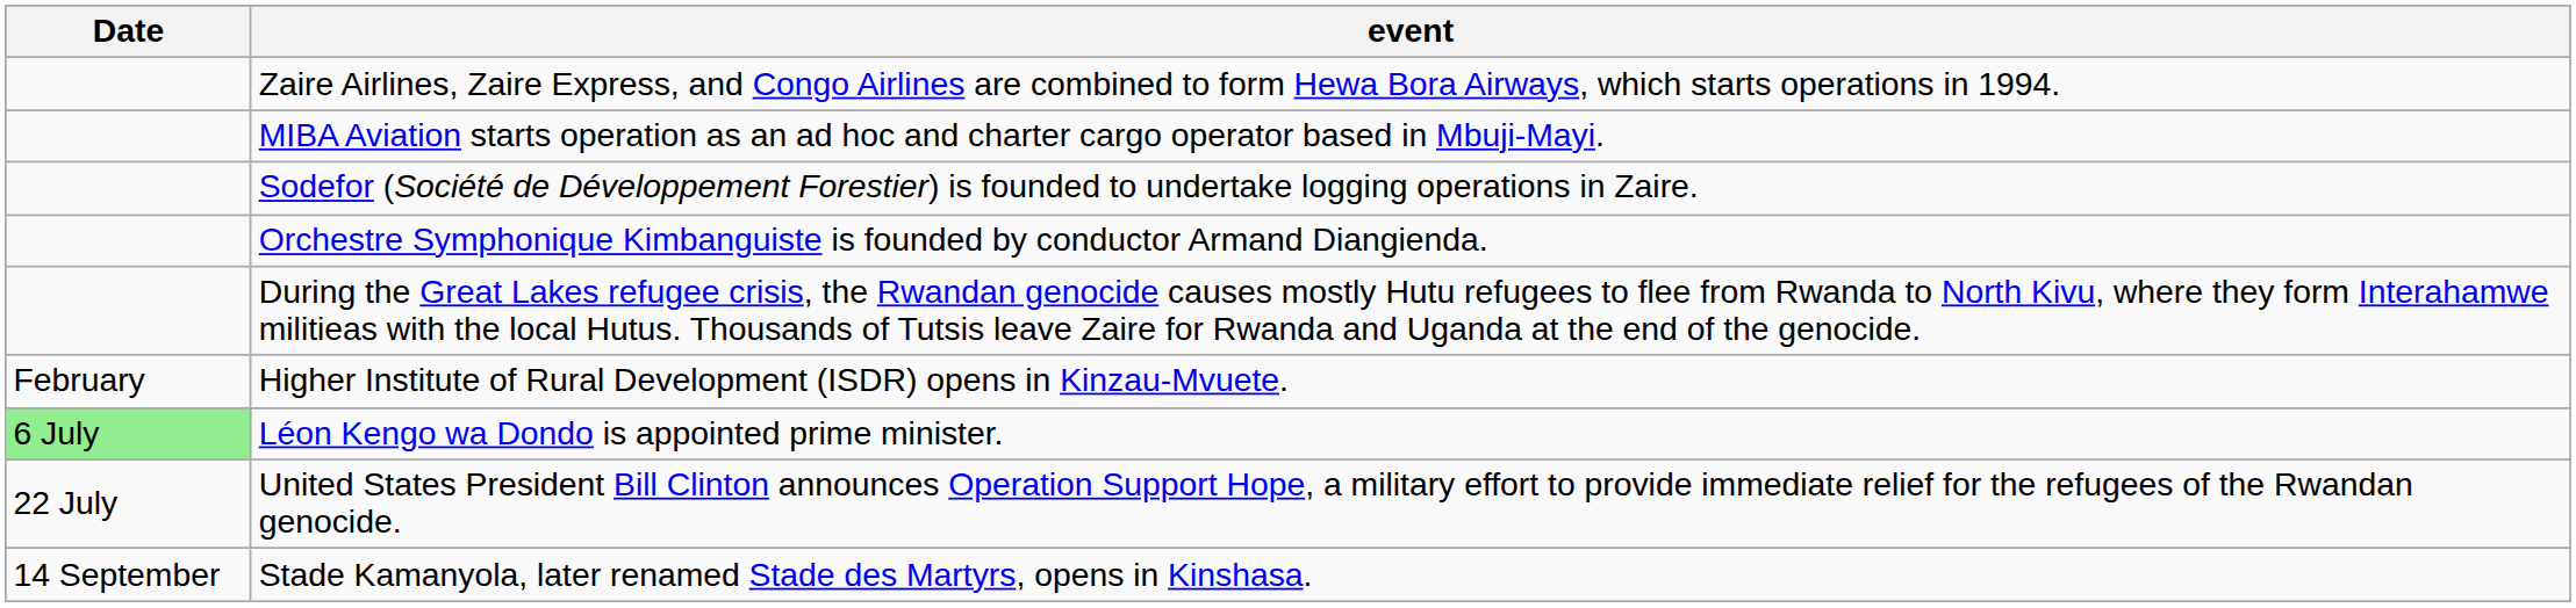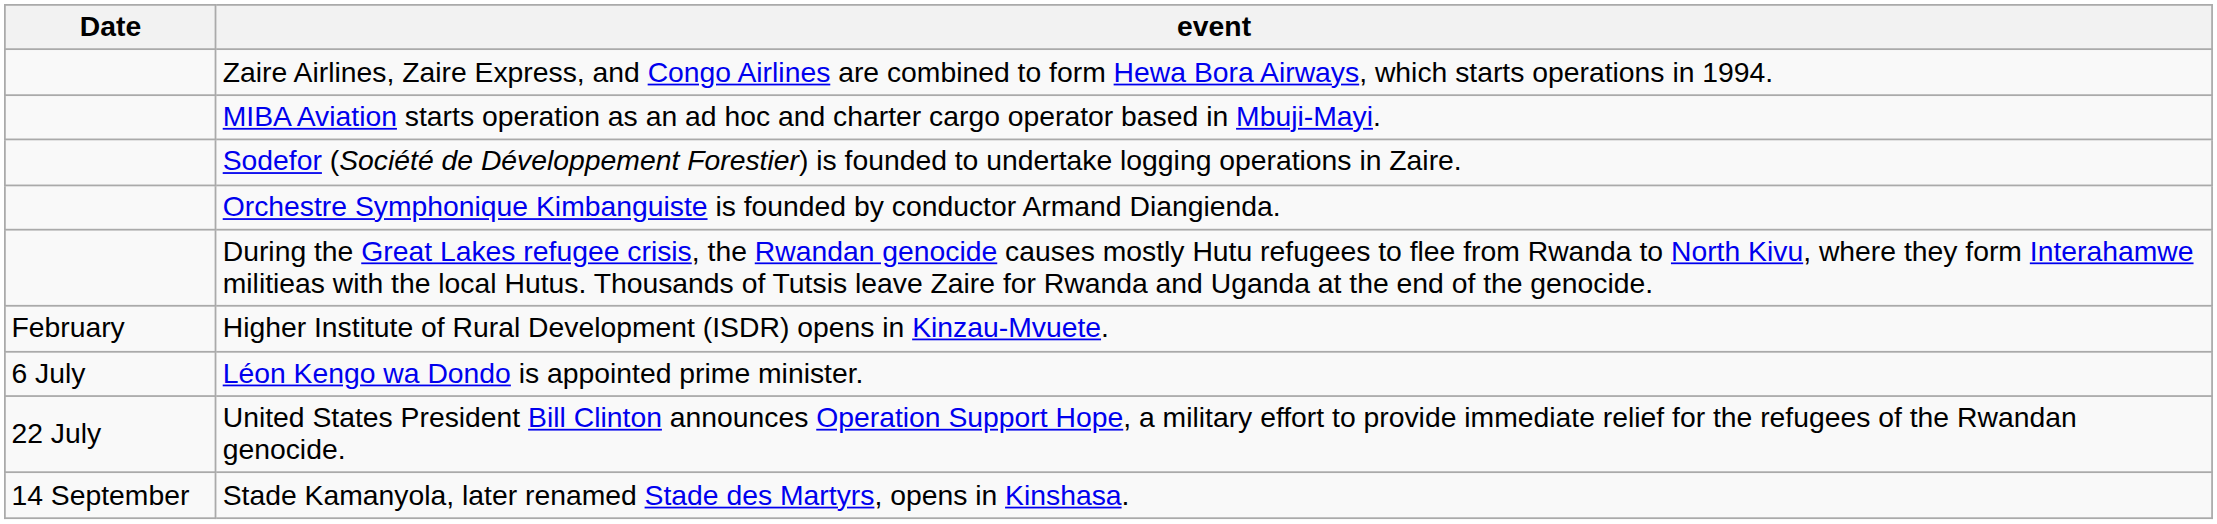 <table class=wikitable>
 <tr>
 <th style="width:7em">Date</th>
 <th>event</th>
 </tr>
 <tr>
 <td></td>
 <td>Zaire Airlines, Zaire Express, and <a href='#'>Congo Airlines</a> are combined to form <a href='#'>Hewa Bora Airways</a>, which starts operations in 1994.</td>
 </tr>
 <tr>
 <td></td>
 <td><a href='#'>MIBA Aviation</a> starts operation as an ad hoc and charter cargo operator based in <a href='#'>Mbuji-Mayi</a>.</td>
 </tr>
 <tr>
 <td></td>
 <td><a href='#'>Sodefor</a> (<em>Société de Développement Forestier</em>) is founded to undertake logging operations in Zaire.</td>
 </tr>
 <tr>
 <td></td>
 <td><a href='#'>Orchestre Symphonique Kimbanguiste</a> is founded by conductor Armand Diangienda.</td>
 </tr>
 <tr>
 <td></td>
 <td>During the <a href='#'>Great Lakes refugee crisis</a>, the <a href='#'>Rwandan genocide</a> causes mostly Hutu refugees to flee from Rwanda to <a href='#'>North Kivu</a>, where they form <a href='#'>Interahamwe</a> militieas with the local Hutus. Thousands of Tutsis leave Zaire for Rwanda and Uganda at the end of the genocide.</td>
 </tr>
 <tr>
 <td>February</td>
 <td>Higher Institute of Rural Development (ISDR) opens in <a href='#'>Kinzau-Mvuete</a>.</td>
 </tr>
 <tr>
-<td style="background: lightgreen;">6 July</td>
+<td>6 July</td>
 <td><a href='#'>Léon Kengo wa Dondo</a> is appointed prime minister.</td>
 </tr>
 <tr>
 <td>22 July</td>
 <td>United States President <a href='#'>Bill Clinton</a> announces <a href='#'>Operation Support Hope</a>, a military effort to provide immediate relief for the refugees of the Rwandan genocide.</td>
 </tr>
 <tr>
 <td>14 September</td>
 <td>Stade Kamanyola, later renamed <a href='#'>Stade des Martyrs</a>, opens in <a href='#'>Kinshasa</a>.</td>
 </tr>
 </table>
